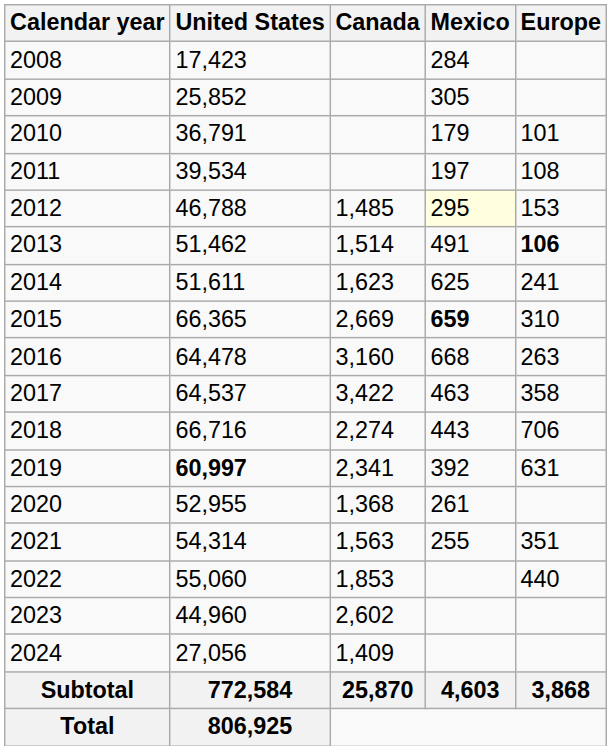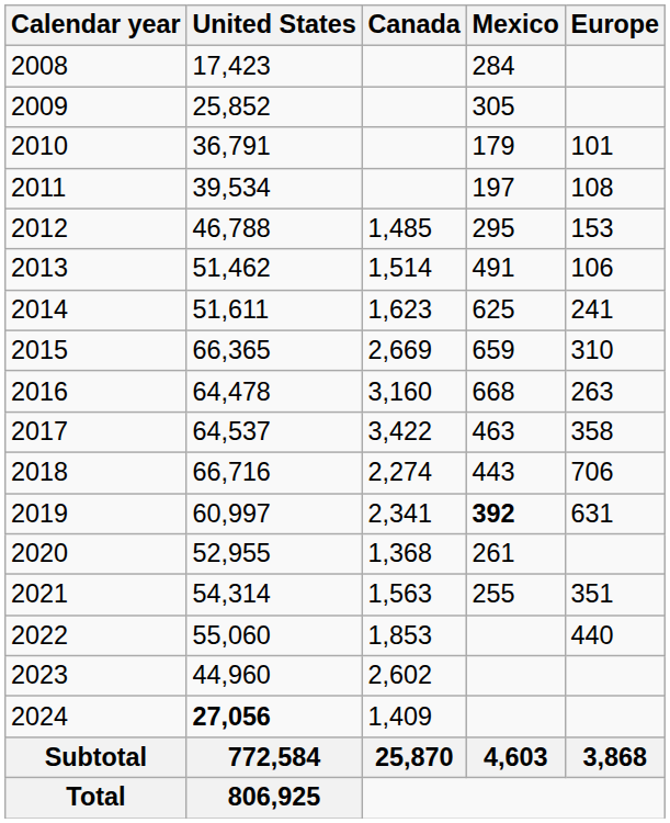 <table class="wikitable">
 <tr>
 <th>Calendar year</th>
 <th>United States</th>
 <th>Canada</th>
 <th>Mexico</th>
 <th>Europe</th>
 </tr>
 <tr>
 <td>2008</td>
 <td>17,423</td>
 <td></td>
 <td>284</td>
 <td></td>
 </tr>
 <tr>
 <td>2009</td>
 <td>25,852</td>
 <td></td>
 <td>305</td>
 <td></td>
 </tr>
 <tr>
 <td>2010</td>
 <td>36,791</td>
 <td></td>
 <td>179</td>
 <td>101</td>
 </tr>
 <tr>
 <td>2011</td>
 <td>39,534</td>
 <td></td>
 <td>197</td>
 <td>108</td>
 </tr>
 <tr>
 <td>2012</td>
 <td>46,788</td>
 <td>1,485</td>
-<td style="background: lightyellow;">295</td>
+<td>295</td>
 <td>153</td>
 </tr>
 <tr>
 <td>2013</td>
 <td>51,462</td>
 <td>1,514</td>
 <td>491</td>
-<td><strong>106</strong></td>
+<td>106</td>
 </tr>
 <tr>
 <td>2014</td>
 <td>51,611</td>
 <td>1,623</td>
 <td>625</td>
 <td>241</td>
 </tr>
 <tr>
 <td>2015</td>
 <td>66,365</td>
 <td>2,669</td>
-<td><strong>659</strong></td>
+<td>659</td>
 <td>310</td>
 </tr>
 <tr>
 <td>2016</td>
 <td>64,478</td>
 <td>3,160</td>
 <td>668</td>
 <td>263</td>
 </tr>
 <tr>
 <td>2017</td>
 <td>64,537</td>
 <td>3,422</td>
 <td>463</td>
 <td>358</td>
 </tr>
 <tr>
 <td>2018</td>
 <td>66,716</td>
 <td>2,274</td>
 <td>443</td>
 <td>706</td>
 </tr>
 <tr>
 <td>2019</td>
-<td><strong>60,997</strong></td>
+<td>60,997</td>
 <td>2,341 </td>
-<td>392</td>
+<td><strong>392</strong></td>
 <td>631</td>
 </tr>
 <tr>
 <td>2020</td>
 <td>52,955</td>
 <td>1,368</td>
 <td>261</td>
 <td></td>
 </tr>
 <tr>
 <td>2021</td>
 <td>54,314</td>
 <td>1,563</td>
 <td>255</td>
 <td>351</td>
 </tr>
 <tr>
 <td>2022</td>
 <td>55,060</td>
 <td>1,853</td>
 <td></td>
 <td>440</td>
 </tr>
 <tr>
 <td>2023</td>
 <td>44,960</td>
 <td>2,602</td>
 <td></td>
 <td></td>
 </tr>
 <tr>
 <td>2024</td>
-<td>27,056</td>
+<td><strong>27,056</strong></td>
 <td>1,409</td>
 <td></td>
 <td></td>
 </tr>
 <tr>
 <th>Subtotal</th>
 <th>772,584</th>
 <th>25,870</th>
 <th>4,603</th>
 <th>3,868</th>
 </tr>
 <tr>
 <th>Total</th>
 <th>806,925</th>
 </tr>
 <tr>
 </tr>
 </table>
